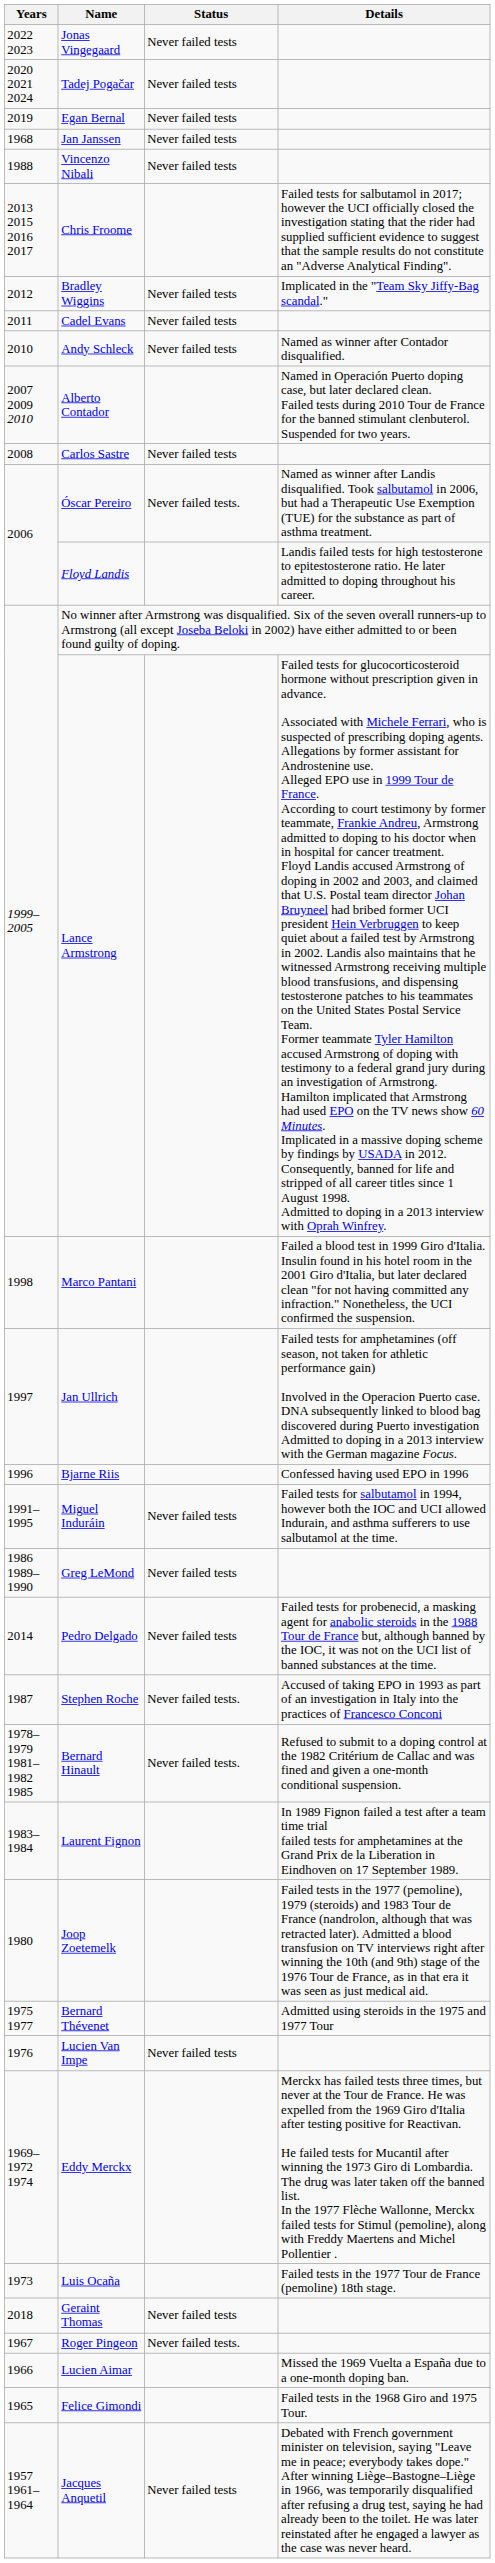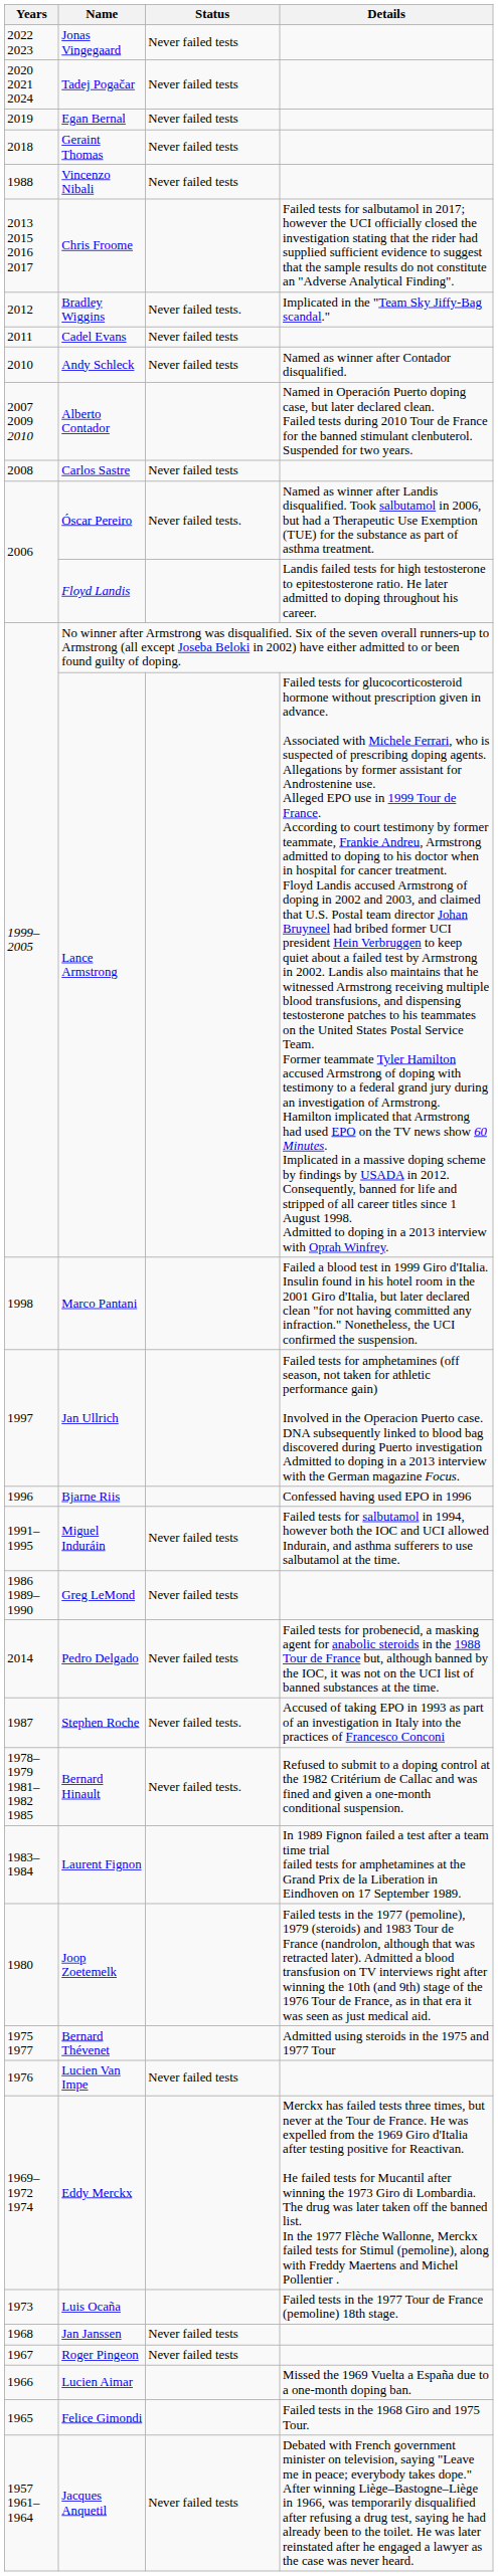 <table class="wikitable sortable" border="1">
 <tr>
 <th width=60>Years</th>
 <th width=100>Name</th>
 <th width=160>Status</th>
 <th>Details</th>
 </tr>
 <tr>
 <td>2022<br>2023</td>
 <td><a href='#'>Jonas Vingegaard</a></td>
 <td>Never failed tests</td>
 <td></td>
 </tr>
 <tr>
 <td>2020<br>2021<br>2024</td>
 <td><a href='#'>Tadej Pogačar</a></td>
 <td>Never failed tests</td>
 <td></td>
 </tr>
 <tr>
 <td>2019</td>
 <td><a href='#'>Egan Bernal</a></td>
 <td>Never failed tests</td>
 <td></td>
 </tr>
 <tr>
-<td>1968</td>
-<td><a href='#'>Jan Janssen</a></td>
+<td>2018</td>
+<td><a href='#'>Geraint Thomas</a></td>
 <td>Never failed tests</td>
 <td></td>
 </tr>
 <tr>
 <td>1988</td>
 <td><a href='#'>Vincenzo Nibali</a></td>
 <td>Never failed tests</td>
 <td></td>
 </tr>
 <tr>
 <td>2013<br>2015<br>2016<br>2017</td>
 <td><a href='#'>Chris Froome</a></td>
 <td></td>
 <td>Failed tests for salbutamol in 2017; however the UCI officially closed the investigation stating that the rider had supplied sufficient evidence to suggest that the sample results do not constitute an "Adverse Analytical Finding".</td>
 </tr>
 <tr>
 <td>2012</td>
 <td><a href='#'>Bradley Wiggins</a></td>
-<td>Never failed tests</td>
+<td>Never failed tests.</td>
 <td>Implicated in the "<a href='#'>Team Sky Jiffy-Bag scandal</a>."</td>
 </tr>
 <tr>
 <td>2011</td>
 <td><a href='#'>Cadel Evans</a></td>
 <td>Never failed tests</td>
 <td></td>
 </tr>
 <tr>
 <td>2010</td>
 <td><a href='#'>Andy Schleck</a></td>
 <td>Never failed tests</td>
 <td>Named as winner after Contador disqualified.</td>
 </tr>
 <tr>
 <td>2007<br>2009<br><em>2010</em></td>
 <td><a href='#'>Alberto Contador</a></td>
 <td></td>
 <td>Named in Operación Puerto doping case, but later declared clean.<br>Failed tests during 2010 Tour de France for the banned stimulant clenbuterol. Suspended for two years.</td>
 </tr>
 <tr>
 <td>2008</td>
 <td><a href='#'>Carlos Sastre</a></td>
 <td>Never failed tests</td>
 <td></td>
 </tr>
 <tr>
 <td rowspan="2">2006</td>
 <td><a href='#'>Óscar Pereiro</a></td>
 <td>Never failed tests.</td>
 <td>Named as winner after Landis disqualified. Took <a href='#'>salbutamol</a> in 2006, but had a Therapeutic Use Exemption (TUE) for the substance as part of asthma treatment.</td>
 </tr>
 <tr>
 <td><em><a href='#'>Floyd Landis</a></em></td>
 <td></td>
 <td>Landis failed tests for high testosterone to epitestosterone ratio. He later admitted to doping throughout his career.</td>
 </tr>
 <tr>
 <td rowspan="2"><em>1999–2005</em></td>
 <td colspan="3">No winner after Armstrong was disqualified. Six of the seven overall runners-up to Armstrong (all except <a href='#'>Joseba Beloki</a> in 2002) have either admitted to or been found guilty of doping.</td>
 </tr>
 <tr>
 <td><a href='#'>Lance Armstrong</a></td>
 <td></td>
 <td>Failed tests for glucocorticosteroid hormone without prescription given in advance.<br><br>Associated with <a href='#'>Michele Ferrari</a>, who is suspected of prescribing doping agents.<br>Allegations by former assistant for Androstenine use.<br>Alleged EPO use in <a href='#'>1999 Tour de France</a>.<br> According to court testimony by former teammate, <a href='#'>Frankie Andreu</a>, Armstrong admitted to doping to his doctor when in hospital for cancer treatment.<br> Floyd Landis accused Armstrong of doping in 2002 and 2003, and claimed that U.S. Postal team director <a href='#'>Johan Bruyneel</a> had bribed former UCI president <a href='#'>Hein Verbruggen</a> to keep quiet about a failed test by Armstrong in 2002. Landis also maintains that he witnessed Armstrong receiving multiple blood transfusions, and dispensing testosterone patches to his teammates on the United States Postal Service Team.<br> Former teammate <a href='#'>Tyler Hamilton</a> accused Armstrong of doping with testimony to a federal grand jury during an investigation of Armstrong. Hamilton implicated that Armstrong had used <a href='#'>EPO</a> on the TV news show <em><a href='#'>60 Minutes</a></em>.<br> Implicated in a massive doping scheme by findings by <a href='#'>USADA</a> in 2012. Consequently, banned for life and stripped of all career titles since 1 August 1998.<br>Admitted to doping in a 2013 interview with <a href='#'>Oprah Winfrey</a>.</td>
 </tr>
 <tr>
 <td>1998</td>
 <td><a href='#'>Marco Pantani</a></td>
 <td></td>
 <td>Failed a blood test in 1999 Giro d'Italia. Insulin found in his hotel room in the 2001 Giro d'Italia, but later declared clean "for not having committed any infraction." Nonetheless, the UCI confirmed the suspension.</td>
 </tr>
 <tr>
 <td>1997</td>
 <td><a href='#'>Jan Ullrich</a></td>
 <td></td>
 <td>Failed tests for amphetamines (off season, not taken for athletic performance gain)<br><br>Involved in the Operacion Puerto case. DNA subsequently linked to blood bag discovered during Puerto investigation<br>Admitted to doping in a 2013 interview with the German magazine <em>Focus</em>.</td>
 </tr>
 <tr>
 <td>1996</td>
 <td><a href='#'>Bjarne Riis</a></td>
 <td></td>
 <td>Confessed having used EPO in 1996</td>
 </tr>
 <tr>
 <td>1991–1995</td>
 <td><a href='#'>Miguel Induráin</a></td>
 <td>Never failed tests</td>
 <td>Failed tests for <a href='#'>salbutamol</a> in 1994, however both the IOC and UCI allowed Indurain, and asthma sufferers to use salbutamol at the time.</td>
 </tr>
 <tr>
 <td>1986<br>1989–1990</td>
 <td><a href='#'>Greg LeMond</a></td>
 <td>Never failed tests</td>
 <td></td>
 </tr>
 <tr>
 <td>2014</td>
 <td><a href='#'>Pedro Delgado</a></td>
 <td>Never failed tests</td>
 <td>Failed tests for probenecid, a masking agent for <a href='#'>anabolic steroids</a> in the <a href='#'>1988 Tour de France</a> but, although banned by the IOC, it was not on the UCI list of banned substances at the time.</td>
 </tr>
 <tr>
 <td>1987</td>
 <td><a href='#'>Stephen Roche</a></td>
 <td>Never failed tests.</td>
 <td>Accused of taking EPO in 1993 as part of an investigation in Italy into the practices of <a href='#'>Francesco Conconi</a></td>
 </tr>
 <tr>
 <td>1978–1979<br>1981–1982<br>1985</td>
 <td><a href='#'>Bernard Hinault</a></td>
 <td>Never failed tests.</td>
 <td>Refused to submit to a doping control at the 1982 Critérium de Callac and was fined and given a one-month conditional suspension.</td>
 </tr>
 <tr>
 <td>1983–1984</td>
 <td><a href='#'>Laurent Fignon</a></td>
 <td></td>
 <td>In 1989 Fignon failed a test after a team time trial<br>failed tests for amphetamines at the Grand Prix de la Liberation in Eindhoven on 17 September 1989.</td>
 </tr>
 <tr>
 <td>1980</td>
 <td><a href='#'>Joop Zoetemelk</a></td>
 <td></td>
 <td>Failed tests in the 1977 (pemoline), 1979 (steroids) and 1983 Tour de France (nandrolon, although that was retracted later). Admitted a blood transfusion on TV interviews right after winning the 10th (and 9th) stage of the 1976 Tour de France, as in that era it was seen as just medical aid.</td>
 </tr>
 <tr>
 <td>1975<br>1977</td>
 <td><a href='#'>Bernard Thévenet</a></td>
 <td></td>
 <td>Admitted using steroids in the 1975 and 1977 Tour</td>
 </tr>
 <tr>
 <td>1976</td>
 <td><a href='#'>Lucien Van Impe</a></td>
 <td>Never failed tests</td>
 <td></td>
 </tr>
 <tr>
 <td>1969–1972<br>1974</td>
 <td><a href='#'>Eddy Merckx</a></td>
 <td></td>
 <td>Merckx has failed tests three times, but never at the Tour de France. He was expelled from the 1969 Giro d'Italia after testing positive for Reactivan.<br><br>He failed tests for Mucantil after winning the 1973 Giro di Lombardia. The drug was later taken off the banned list. <br> In the 1977 Flèche Wallonne, Merckx failed tests for Stimul (pemoline), along with Freddy Maertens and Michel Pollentier .</td>
 </tr>
 <tr>
 <td>1973</td>
 <td><a href='#'>Luis Ocaña</a></td>
 <td></td>
 <td>Failed tests in the 1977 Tour de France (pemoline) 18th stage.</td>
 </tr>
 <tr>
-<td>2018</td>
-<td><a href='#'>Geraint Thomas</a></td>
+<td>1968</td>
+<td><a href='#'>Jan Janssen</a></td>
 <td>Never failed tests</td>
 <td></td>
 </tr>
 <tr>
 <td>1967</td>
 <td><a href='#'>Roger Pingeon</a></td>
-<td>Never failed tests.</td>
+<td>Never failed tests</td>
 <td></td>
 </tr>
 <tr>
 <td>1966</td>
 <td><a href='#'>Lucien Aimar</a></td>
 <td></td>
 <td>Missed the 1969 Vuelta a España due to a one-month doping ban.</td>
 </tr>
 <tr>
 <td>1965</td>
 <td><a href='#'>Felice Gimondi</a></td>
 <td></td>
 <td>Failed tests in the 1968 Giro and 1975 Tour.</td>
 </tr>
 <tr>
 <td>1957<br>1961–1964</td>
 <td><a href='#'>Jacques Anquetil</a></td>
 <td>Never failed tests </td>
 <td>Debated with French government minister on television, saying "Leave me in peace; everybody takes dope." <br>After winning Liège–Bastogne–Liège in 1966, was temporarily disqualified after refusing a drug test, saying he had already been to the toilet. He was later reinstated after he engaged a lawyer as the case was never heard.</td>
 </tr>
 </table>
